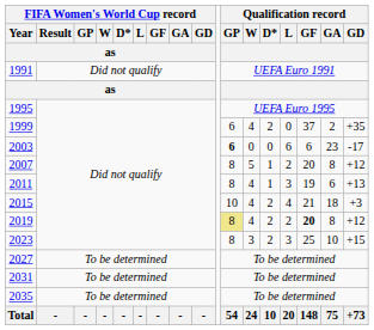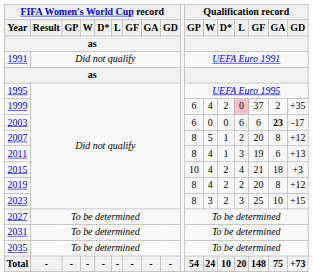 <table class="wikitable" style="text-align: center;">
 <tr>
 <th colspan=9><a href='#'>FIFA Women's World Cup</a> record</th>
 <td rowspan=17></td>
 <th colspan=7>Qualification record</th>
 </tr>
 <tr>
 <th>Year</th>
 <th>Result</th>
 <th>GP</th>
 <th>W</th>
 <th>D*</th>
 <th>L</th>
 <th>GF</th>
 <th>GA</th>
 <th>GD</th>
 <th>GP</th>
 <th>W</th>
 <th>D*</th>
 <th>L</th>
 <th>GF</th>
 <th>GA</th>
 <th>GD</th>
 </tr>
 <tr>
 <th colspan=9>as </th>
 <th colspan=7></th>
 </tr>
 <tr>
 <td> <a href='#'>1991</a></td>
 <td colspan=8><em>Did not qualify</em></td>
 <td colspan=7><em><a href='#'>UEFA Euro 1991</a></em></td>
 </tr>
 <tr>
 <th colspan=9>as </th>
 <th colspan=7></th>
 </tr>
 <tr>
 <td> <a href='#'>1995</a></td>
 <td colspan=8 rowspan=8><em>Did not qualify</em></td>
 <td colspan=7><em><a href='#'>UEFA Euro 1995</a></em></td>
 </tr>
 <tr>
 <td> <a href='#'>1999</a></td>
 <td>6</td>
 <td>4</td>
 <td>2</td>
-<td>0</td>
+<td style="background: pink;">0</td>
 <td>37</td>
 <td>2</td>
 <td>+35</td>
 </tr>
 <tr>
 <td> <a href='#'>2003</a></td>
-<td><strong>6</strong></td>
+<td>6</td>
 <td>0</td>
 <td>0</td>
 <td>6</td>
 <td>6</td>
-<td>23</td>
+<td><strong>23</strong></td>
 <td>-17</td>
 </tr>
 <tr>
 <td> <a href='#'>2007</a></td>
 <td>8</td>
 <td>5</td>
 <td>1</td>
 <td>2</td>
 <td>20</td>
 <td>8</td>
 <td>+12</td>
 </tr>
 <tr>
 <td> <a href='#'>2011</a></td>
 <td>8</td>
 <td>4</td>
 <td>1</td>
 <td>3</td>
 <td>19</td>
 <td>6</td>
 <td>+13</td>
 </tr>
 <tr>
 <td> <a href='#'>2015</a></td>
 <td>10</td>
 <td>4</td>
 <td>2</td>
 <td>4</td>
 <td>21</td>
 <td>18</td>
 <td>+3</td>
 </tr>
 <tr>
 <td> <a href='#'>2019</a></td>
-<td style="background: khaki;">8</td>
+<td>8</td>
 <td>4</td>
 <td>2</td>
 <td>2</td>
-<td><strong>20</strong></td>
+<td>20</td>
 <td>8</td>
 <td>+12</td>
 </tr>
 <tr>
 <td> <a href='#'>2023</a></td>
 <td>8</td>
 <td>3</td>
 <td>2</td>
 <td>3</td>
 <td>25</td>
 <td>10</td>
 <td>+15</td>
 </tr>
 <tr>
 <td> <a href='#'>2027</a></td>
 <td colspan=8><em>To be determined</em></td>
 <td colspan=7><em>To be determined</em></td>
 </tr>
 <tr>
 <td> <a href='#'>2031</a></td>
 <td colspan=8><em>To be determined</em></td>
 <td colspan=7><em>To be determined</em></td>
 </tr>
 <tr>
 <td> <a href='#'>2035</a></td>
 <td colspan=8><em>To be determined</em></td>
 <td colspan=7><em>To be determined</em></td>
 </tr>
 <tr>
 <th>Total</th>
 <th>-</th>
 <th>-</th>
 <th>-</th>
 <th>-</th>
 <th>-</th>
 <th>-</th>
 <th>-</th>
 <th>-</th>
 <th>54</th>
 <th>24</th>
 <th>10</th>
 <th>20</th>
 <th>148</th>
 <th>75</th>
 <th>+73</th>
 </tr>
 </table>
